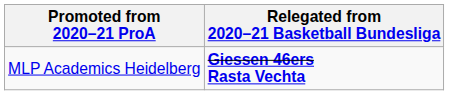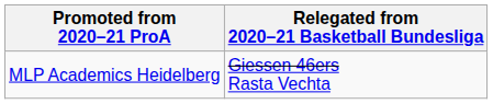 <table class="wikitable">
 <tr>
 <th>Promoted from<br><a href='#'>2020–21 ProA</a></th>
 <th>Relegated from<br><a href='#'>2020–21 Basketball Bundesliga</a></th>
 </tr>
 <tr>
 <td><a href='#'>MLP Academics Heidelberg</a></td>
-<td><strong><s><a href='#'>Giessen 46ers</a></s><br><a href='#'>Rasta Vechta</a></strong></td>
+<td><s><a href='#'>Giessen 46ers</a></s><br><a href='#'>Rasta Vechta</a></td>
 </tr>
 </table>
